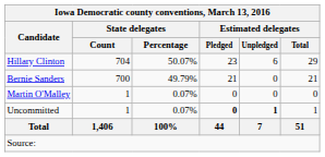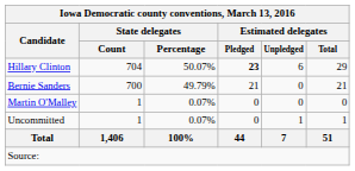 <table class="wikitable" style="text-align:right; font-size:12px;">
 <tr>
 <th colspan="6">Iowa Democratic county conventions, March 13, 2016</th>
 </tr>
 <tr>
 <th rowspan="2">Candidate</th>
 <th colspan="2">State delegates</th>
 <th colspan="3">Estimated delegates</th>
 </tr>
 <tr>
 <th style="width:70px;">Count</th>
 <th style="width:80px;">Percentage</th>
 <th style="width:45px;"><small>Pledged</small></th>
 <th style="width:45px;"><small>Unpledged</small></th>
 <th style="width:45px;"><small>Total</small></th>
 </tr>
 <tr>
 <td style="text-align:left;"><a href='#'>Hillary Clinton</a></td>
 <td>704</td>
 <td>50.07%</td>
-<td>23</td>
+<td><strong>23</strong></td>
 <td>6</td>
 <td>29</td>
 </tr>
 <tr>
 <td style="text-align:left;"><a href='#'>Bernie Sanders</a></td>
 <td>700</td>
 <td>49.79%</td>
 <td>21</td>
 <td>0</td>
 <td>21</td>
 </tr>
 <tr>
 <td style="text-align:left;"><a href='#'>Martin O'Malley</a></td>
 <td>1</td>
 <td>0.07%</td>
 <td>0</td>
 <td>0</td>
 <td>0</td>
 </tr>
 <tr>
 <td style="text-align:left;">Uncommitted</td>
 <td>1</td>
 <td>0.07%</td>
-<td><strong>0</strong></td>
-<td><strong>1</strong></td>
+<td>0</td>
+<td>1</td>
 <td>1</td>
 </tr>
 <tr>
 <th>Total</th>
 <th>1,406</th>
 <th>100%</th>
 <th>44</th>
 <th>7</th>
 <th>51</th>
 </tr>
 <tr>
 <td colspan="6" style="text-align:left;">Source: <em></em></td>
 </tr>
 </table>
